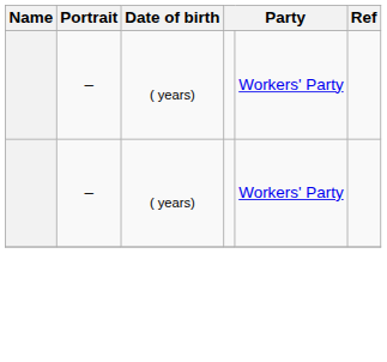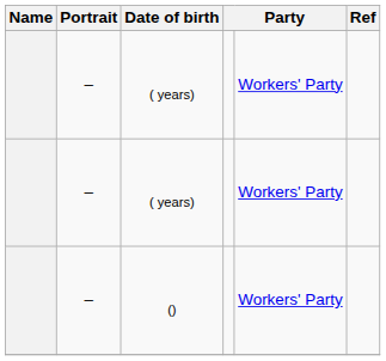 <table class="wikitable plainrowheaders sortable">
 <tr align="center">
 <th scope=col>Name</th>
 <th scope="col" class="unsortable">Portrait</th>
 <th scope=col>Date of birth<br></th>
 <th scope=col colspan="2">Party</th>
 <th scope=col class="unsortable">Ref</th>
 </tr>
 <tr align="center">
 <th scope="row" style="text-align:center"> </th>
 <td height=100px>–</td>
 <td><br><small>( years)</small></td>
 <td width="4px"></td>
 <td><a href='#'>Workers' Party</a></td>
 <td></td>
 </tr>
 <tr align="center">
 <th scope="row" style="text-align:center"></th>
 <td height=100px>–</td>
 <td><br><small>( years)</small></td>
 <td width="4px"></td>
 <td><a href='#'>Workers' Party</a></td>
 <td></td>
 </tr>
+<tr align="center">
+<th scope="row" style="text-align:center"></th>
+<td height=100px>–</td>
+<td><br><small>()</small></td>
+<td width="4px"></td>
+<td><a href='#'>Workers' Party</a></td>
+<td></td>
+</tr>
 <tr>
 </tr>
 </table>
